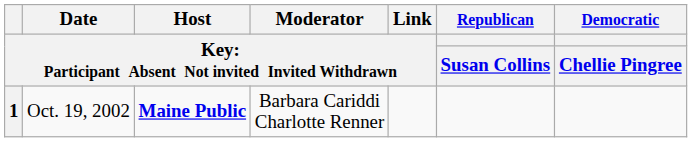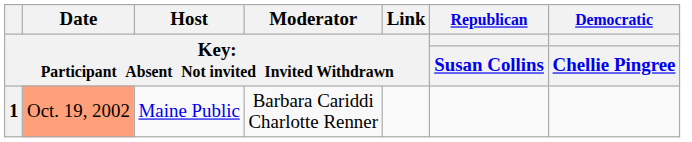 <table class="wikitable" style="text-align:center;">
 <tr>
 <th scope="col"></th>
 <th scope="col">Date</th>
 <th scope="col">Host</th>
 <th scope="col">Moderator</th>
 <th scope="col">Link</th>
 <th scope="col"><small><a href='#'>Republican</a></small></th>
 <th scope="col"><small><a href='#'>Democratic</a></small></th>
 </tr>
 <tr>
 <th colspan="5" rowspan="2">Key:<br> <small>Participant </small>  <small>Absent </small>  <small>Not invited </small>  <small>Invited  Withdrawn</small></th>
 <th scope="col" style="background:"></th>
 <th scope="col" style="background:"></th>
 </tr>
 <tr>
 <th scope="col"><a href='#'>Susan Collins</a></th>
 <th scope="col"><a href='#'>Chellie Pingree</a></th>
 </tr>
 <tr>
 <th>1</th>
-<td style="white-space:nowrap;">Oct. 19, 2002</td>
-<td style="white-space:nowrap;"><strong><a href='#'>Maine Public</a></strong></td>
+<td style="background: lightsalmon; white-space:nowrap;">Oct. 19, 2002</td>
+<td style="white-space:nowrap;"><a href='#'>Maine Public</a></td>
 <td style="white-space:nowrap;">Barbara Cariddi<br>Charlotte Renner</td>
 <td style="white-space:nowrap;"></td>
 <td></td>
 <td></td>
 </tr>
 </table>
